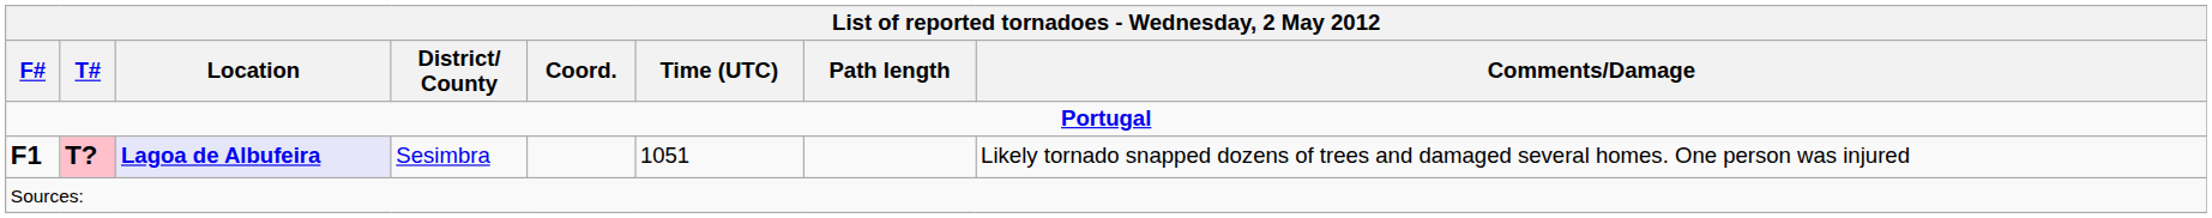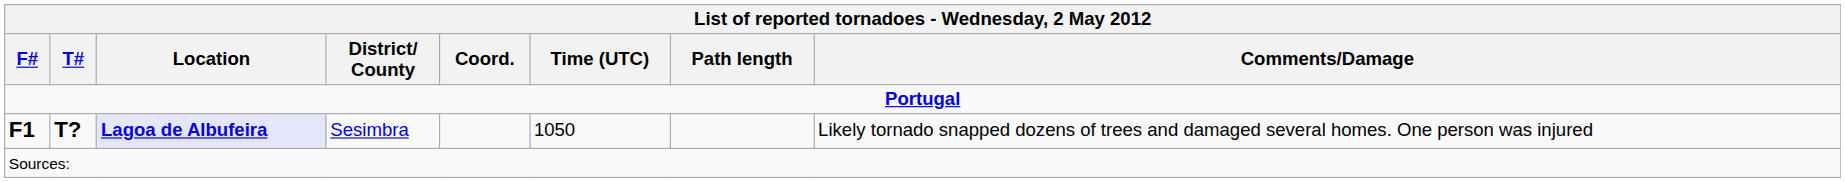 <table class="wikitable collapsible" width="100%">
 <tr>
 <th colspan="8">List of reported tornadoes - Wednesday, 2 May 2012</th>
 </tr>
 <tr>
 <th><a href='#'>F#</a></th>
 <th><a href='#'>T#</a></th>
 <th>Location</th>
 <th>District/<br>County</th>
 <th>Coord.</th>
 <th>Time (UTC)</th>
 <th>Path length</th>
 <th>Comments/Damage</th>
 </tr>
 <tr>
 <td colspan="8" align=center><strong><a href='#'>Portugal</a></strong></td>
 </tr>
 <tr>
 <td><big><strong>F1</strong></big></td>
-<td style="background: pink;"><big><strong>T?</strong></big></td>
+<td><big><strong>T?</strong></big></td>
 <td style="background: lavender;"><strong><a href='#'>Lagoa de Albufeira</a></strong></td>
 <td><a href='#'>Sesimbra</a></td>
 <td></td>
-<td>1051</td>
+<td>1050</td>
 <td></td>
 <td>Likely tornado snapped dozens of trees and damaged several homes. One person was injured</td>
 </tr>
 <tr>
 <td colspan="8"><small>Sources:  </small></td>
 </tr>
 </table>
